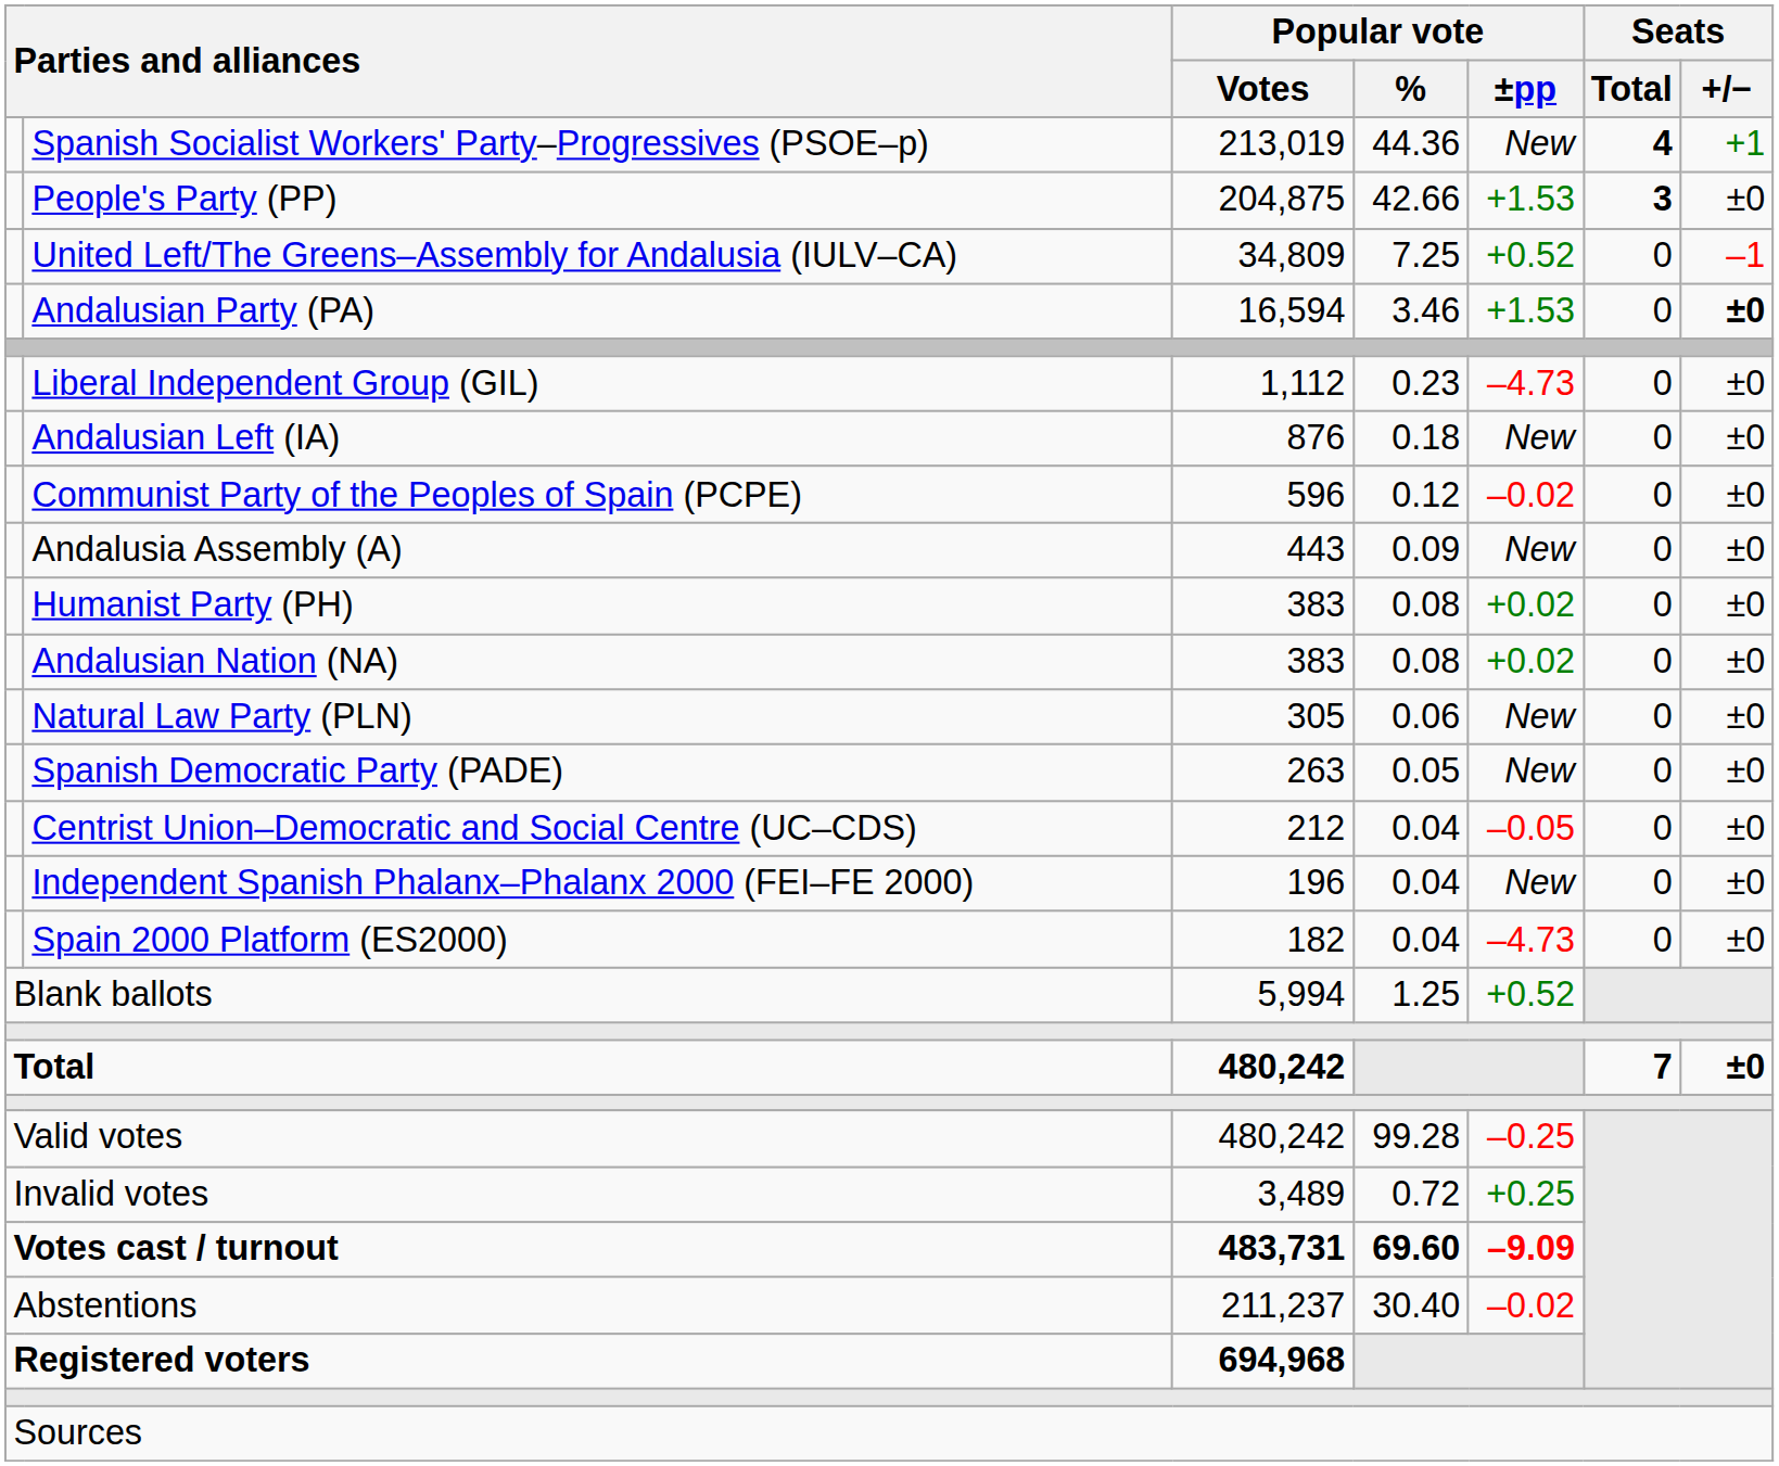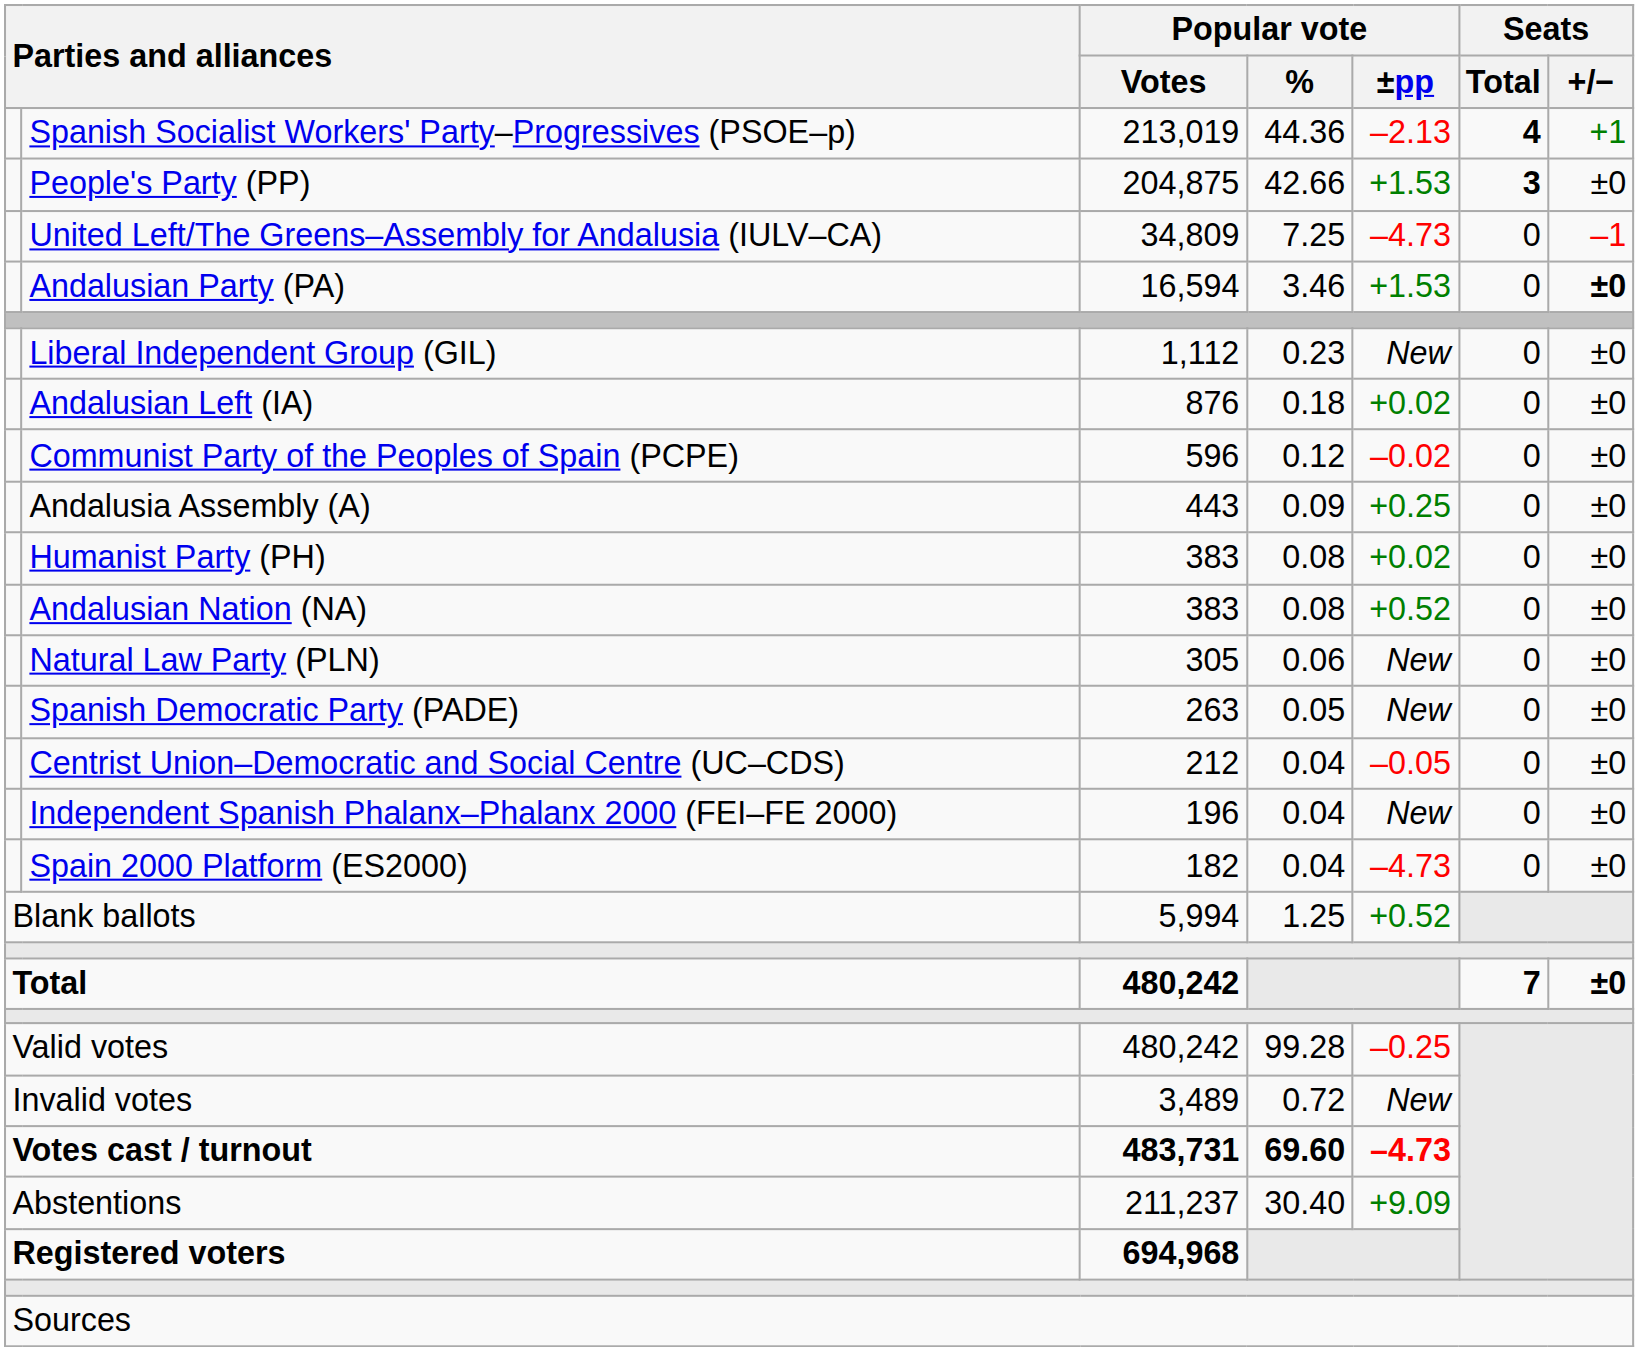 <table class="wikitable" style="text-align:right;">
 <tr>
 <th style="text-align:left;" rowspan="2" colspan="2" width="525">Parties and alliances</th>
 <th colspan="3">Popular vote</th>
 <th colspan="2">Seats</th>
 </tr>
 <tr>
 <th width="75">Votes</th>
 <th width="45">%</th>
 <th width="45">±<a href='#'>pp</a></th>
 <th width="35">Total</th>
 <th width="35">+/−</th>
 </tr>
 <tr>
 <td width="1" style="color:inherit;background:"></td>
 <td align="left"><a href='#'>Spanish Socialist Workers' Party</a>–<a href='#'>Progressives</a> (PSOE–p)</td>
 <td>213,019</td>
 <td>44.36</td>
-<td><em>New</em></td>
+<td style="color:red;">–2.13</td>
 <td><strong>4</strong></td>
 <td style="color:green;">+1</td>
 </tr>
 <tr>
 <td style="color:inherit;background:"></td>
 <td align="left"><a href='#'>People's Party</a> (PP)</td>
 <td>204,875</td>
 <td>42.66</td>
 <td style="color:green;">+1.53</td>
 <td><strong>3</strong></td>
 <td>±0</td>
 </tr>
 <tr>
 <td style="color:inherit;background:"></td>
 <td align="left"><a href='#'>United Left/The Greens–Assembly for Andalusia</a> (IULV–CA)</td>
 <td>34,809</td>
 <td>7.25</td>
-<td style="color:green;">+0.52</td>
+<td style="color:red;">–4.73</td>
 <td>0</td>
 <td style="color:red;">–1</td>
 </tr>
 <tr>
 <td style="color:inherit;background:"></td>
 <td align="left"><a href='#'>Andalusian Party</a> (PA)</td>
 <td>16,594</td>
 <td>3.46</td>
 <td style="color:green;">+1.53</td>
 <td>0</td>
 <td><strong>±0</strong></td>
 </tr>
 <tr>
 <td colspan="7" bgcolor="#C0C0C0"></td>
 </tr>
 <tr>
 <td style="color:inherit;background:"></td>
 <td align="left"><a href='#'>Liberal Independent Group</a> (GIL)</td>
 <td>1,112</td>
 <td>0.23</td>
-<td style="color:red;">–4.73</td>
+<td><em>New</em></td>
 <td>0</td>
 <td>±0</td>
 </tr>
 <tr>
 <td style="color:inherit;background:"></td>
 <td align="left"><a href='#'>Andalusian Left</a> (IA)</td>
 <td>876</td>
 <td>0.18</td>
-<td><em>New</em></td>
+<td style="color:green;">+0.02</td>
 <td>0</td>
 <td>±0</td>
 </tr>
 <tr>
 <td style="color:inherit;background:"></td>
 <td align="left"><a href='#'>Communist Party of the Peoples of Spain</a> (PCPE)</td>
 <td>596</td>
 <td>0.12</td>
 <td style="color:red;">–0.02</td>
 <td>0</td>
 <td>±0</td>
 </tr>
 <tr>
 <td style="color:inherit;background:"></td>
 <td align="left">Andalusia Assembly (A)</td>
 <td>443</td>
 <td>0.09</td>
-<td><em>New</em></td>
+<td style="color:green;">+0.25</td>
 <td>0</td>
 <td>±0</td>
 </tr>
 <tr>
 <td style="color:inherit;background:"></td>
 <td align="left"><a href='#'>Humanist Party</a> (PH)</td>
 <td>383</td>
 <td>0.08</td>
 <td style="color:green;">+0.02</td>
 <td>0</td>
 <td>±0</td>
 </tr>
 <tr>
 <td style="color:inherit;background:"></td>
 <td align="left"><a href='#'>Andalusian Nation</a> (NA)</td>
 <td>383</td>
 <td>0.08</td>
-<td style="color:green;">+0.02</td>
+<td style="color:green;">+0.52</td>
 <td>0</td>
 <td>±0</td>
 </tr>
 <tr>
 <td style="color:inherit;background:"></td>
 <td align="left"><a href='#'>Natural Law Party</a> (PLN)</td>
 <td>305</td>
 <td>0.06</td>
 <td><em>New</em></td>
 <td>0</td>
 <td>±0</td>
 </tr>
 <tr>
 <td style="color:inherit;background:"></td>
 <td align="left"><a href='#'>Spanish Democratic Party</a> (PADE)</td>
 <td>263</td>
 <td>0.05</td>
 <td><em>New</em></td>
 <td>0</td>
 <td>±0</td>
 </tr>
 <tr>
 <td style="color:inherit;background:"></td>
 <td align="left"><a href='#'>Centrist Union–Democratic and Social Centre</a> (UC–CDS)</td>
 <td>212</td>
 <td>0.04</td>
 <td style="color:red;">–0.05</td>
 <td>0</td>
 <td>±0</td>
 </tr>
 <tr>
 <td style="color:inherit;background:"></td>
 <td align="left"><a href='#'>Independent Spanish Phalanx–Phalanx 2000</a> (FEI–FE 2000)</td>
 <td>196</td>
 <td>0.04</td>
 <td><em>New</em></td>
 <td>0</td>
 <td>±0</td>
 </tr>
 <tr>
 <td style="color:inherit;background:"></td>
 <td align="left"><a href='#'>Spain 2000 Platform</a> (ES2000)</td>
 <td>182</td>
 <td>0.04</td>
 <td style="color:red;">–4.73</td>
 <td>0</td>
 <td>±0</td>
 </tr>
 <tr>
 <td align="left" colspan="2">Blank ballots</td>
 <td>5,994</td>
 <td>1.25</td>
 <td style="color:green;">+0.52</td>
 <td bgcolor="#E9E9E9" colspan="2"></td>
 </tr>
 <tr>
 <td colspan="7" bgcolor="#E9E9E9"></td>
 </tr>
 <tr style="font-weight:bold;">
 <td align="left" colspan="2">Total</td>
 <td>480,242</td>
 <td bgcolor="#E9E9E9" colspan="2"></td>
 <td>7</td>
 <td>±0</td>
 </tr>
 <tr>
 <td colspan="7" bgcolor="#E9E9E9"></td>
 </tr>
 <tr>
 <td align="left" colspan="2">Valid votes</td>
 <td>480,242</td>
 <td>99.28</td>
 <td style="color:red;">–0.25</td>
 <td bgcolor="#E9E9E9" colspan="2" rowspan="5"></td>
 </tr>
 <tr>
 <td align="left" colspan="2">Invalid votes</td>
 <td>3,489</td>
 <td>0.72</td>
-<td style="color:green;">+0.25</td>
+<td><em>New</em></td>
 </tr>
 <tr style="font-weight:bold;">
 <td align="left" colspan="2">Votes cast / turnout</td>
 <td>483,731</td>
 <td>69.60</td>
-<td style="color:red;">–9.09</td>
+<td style="color:red;">–4.73</td>
 </tr>
 <tr>
 <td align="left" colspan="2">Abstentions</td>
 <td>211,237</td>
 <td>30.40</td>
-<td style="color:red;">–0.02</td>
+<td style="color:green;">+9.09</td>
 </tr>
 <tr style="font-weight:bold;">
 <td align="left" colspan="2">Registered voters</td>
 <td>694,968</td>
 <td bgcolor="#E9E9E9" colspan="2"></td>
 </tr>
 <tr>
 <td colspan="7" bgcolor="#E9E9E9"></td>
 </tr>
 <tr>
 <td align="left" colspan="7">Sources</td>
 </tr>
 </table>
